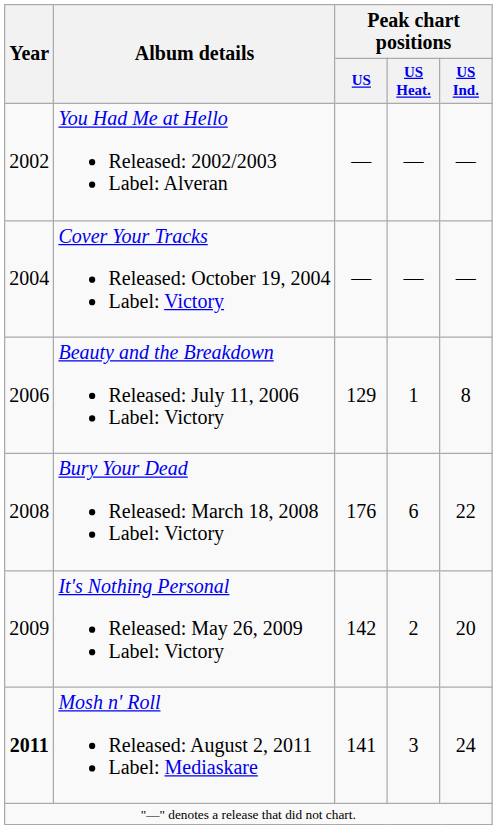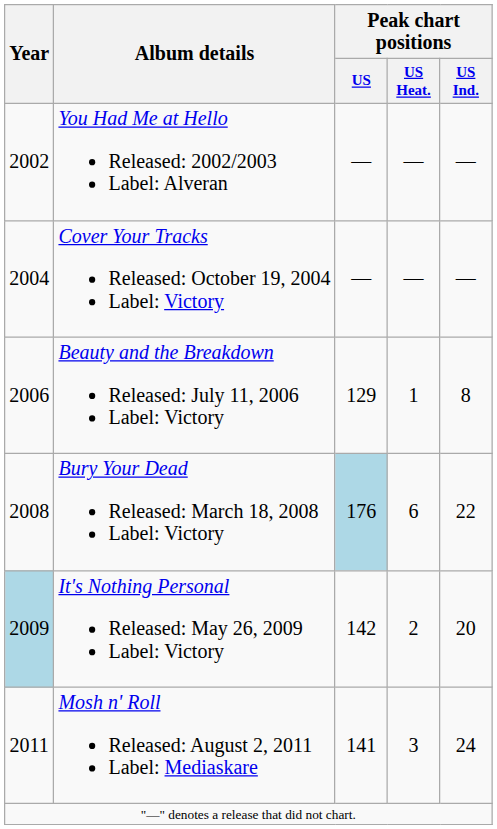 <table class="wikitable">
 <tr>
 <th rowspan="2">Year</th>
 <th rowspan="2">Album details</th>
 <th colspan="3">Peak chart positions</th>
 </tr>
 <tr>
 <th style="width:3em;font-size:75%;"><a href='#'>US</a><br></th>
 <th style="width:3em;font-size:75%;"><a href='#'>US<br>Heat.</a><br></th>
 <th style="width:3em;font-size:75%;"><a href='#'>US<br>Ind.</a><br></th>
 </tr>
 <tr>
 <td style="text-align:center;">2002</td>
 <td><em><a href='#'>You Had Me at Hello</a></em><br><ul><li>Released: 2002/2003</li><li>Label: Alveran</li></ul></td>
 <td style="text-align:center;">—</td>
 <td style="text-align:center;">—</td>
 <td style="text-align:center;">—</td>
 </tr>
 <tr>
 <td style="text-align:center;">2004</td>
 <td><em><a href='#'>Cover Your Tracks</a></em><br><ul><li>Released: October 19, 2004</li><li>Label: <a href='#'>Victory</a></li></ul></td>
 <td style="text-align:center;">—</td>
 <td style="text-align:center;">—</td>
 <td style="text-align:center;">—</td>
 </tr>
 <tr>
 <td style="text-align:center;">2006</td>
 <td><em><a href='#'>Beauty and the Breakdown</a></em><br><ul><li>Released: July 11, 2006</li><li>Label: Victory</li></ul></td>
 <td style="text-align:center;">129</td>
 <td style="text-align:center;">1</td>
 <td style="text-align:center;">8</td>
 </tr>
 <tr>
 <td style="text-align:center;">2008</td>
 <td><em><a href='#'>Bury Your Dead</a></em><br><ul><li>Released: March 18, 2008</li><li>Label: Victory</li></ul></td>
-<td style="text-align:center;">176</td>
+<td style="background: lightblue; text-align:center;">176</td>
 <td style="text-align:center;">6</td>
 <td style="text-align:center;">22</td>
 </tr>
 <tr>
-<td style="text-align:center;">2009</td>
+<td style="background: lightblue; text-align:center;">2009</td>
 <td><em><a href='#'>It's Nothing Personal</a></em><br><ul><li>Released: May 26, 2009</li><li>Label: Victory</li></ul></td>
 <td style="text-align:center;">142</td>
 <td style="text-align:center;">2</td>
 <td style="text-align:center;">20</td>
 </tr>
 <tr>
-<td style="text-align:center;"><strong>2011</strong></td>
+<td style="text-align:center;">2011</td>
 <td><em><a href='#'>Mosh n' Roll</a></em><br><ul><li>Released: August 2, 2011</li><li>Label: <a href='#'>Mediaskare</a></li></ul></td>
 <td style="text-align:center;">141</td>
 <td style="text-align:center;">3</td>
 <td style="text-align:center;">24</td>
 </tr>
 <tr>
 <td colspan="6" style="text-align:center; font-size:8pt;">"—" denotes a release that did not chart.</td>
 </tr>
 </table>
